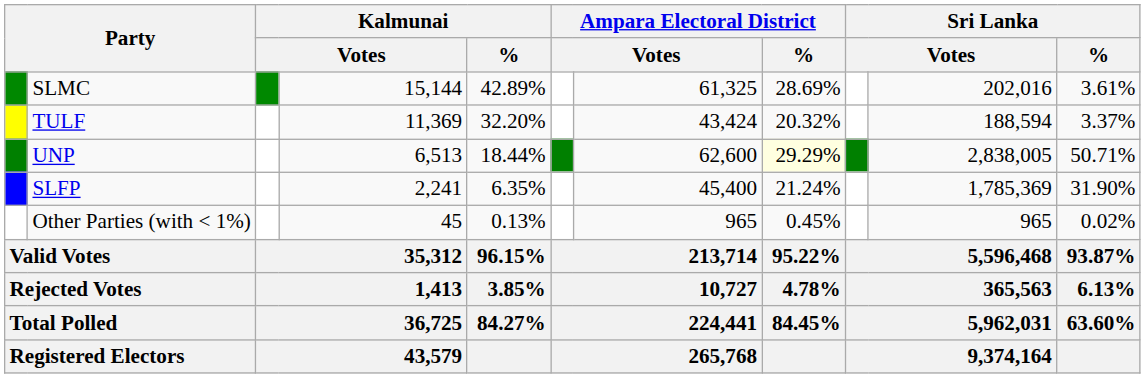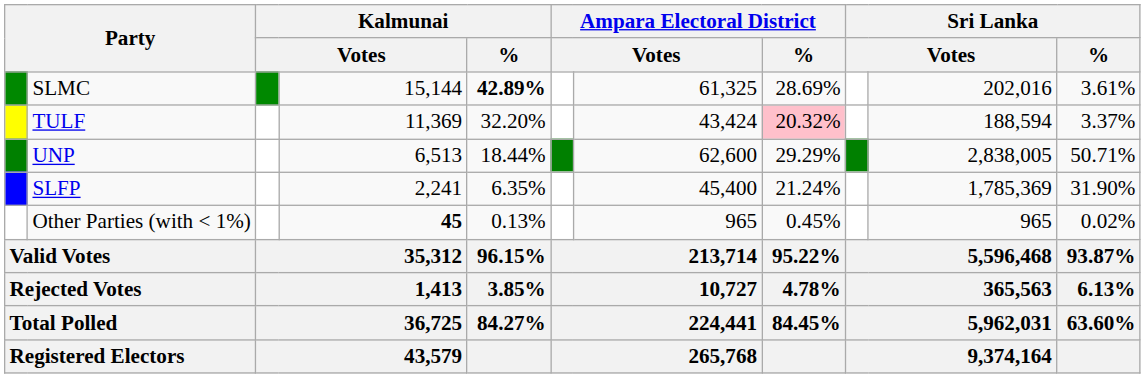 <table class="wikitable">
 <tr>
 <th colspan="2" width="144px"rowspan="2">Party</th>
 <th colspan="3" width="216px">Kalmunai</th>
 <th colspan="3" width="216px"><a href='#'>Ampara Electoral District</a></th>
 <th colspan="3" width="216px">Sri Lanka</th>
 </tr>
 <tr>
 <th colspan="2" width="144px">Votes</th>
 <th>%</th>
 <th colspan="2" width="144px">Votes</th>
 <th>%</th>
 <th colspan="2" width="144px">Votes</th>
 <th>%</th>
 </tr>
 <tr>
 <td style="background-color:#008800;" width="10px"></td>
 <td style="text-align:left;">SLMC</td>
 <td style="background-color:#008800;" width="10px"></td>
 <td style="text-align:right;">15,144</td>
-<td style="text-align:right;">42.89%</td>
+<td style="text-align:right;"><strong>42.89%</strong></td>
 <td style="background-color:white;" width="10px"></td>
 <td style="text-align:right;">61,325</td>
 <td style="text-align:right;">28.69%</td>
 <td style="background-color:white;" width="10px"></td>
 <td style="text-align:right;">202,016</td>
 <td style="text-align:right;">3.61%</td>
 </tr>
 <tr>
 <td style="background-color:yellow;" width="10px"></td>
 <td style="text-align:left;"><a href='#'>TULF</a></td>
 <td style="background-color:white;" width="10px"></td>
 <td style="text-align:right;">11,369</td>
 <td style="text-align:right;">32.20%</td>
 <td style="background-color:white;" width="10px"></td>
 <td style="text-align:right;">43,424</td>
-<td style="text-align:right;">20.32%</td>
+<td style="background: pink; text-align:right;">20.32%</td>
 <td style="background-color:white;" width="10px"></td>
 <td style="text-align:right;">188,594</td>
 <td style="text-align:right;">3.37%</td>
 </tr>
 <tr>
 <td style="background-color:green;" width="10px"></td>
 <td style="text-align:left;"><a href='#'>UNP</a></td>
 <td style="background-color:white;" width="10px"></td>
 <td style="text-align:right;">6,513</td>
 <td style="text-align:right;">18.44%</td>
 <td style="background-color:green;" width="10px"></td>
 <td style="text-align:right;">62,600</td>
-<td style="background: lightyellow; text-align:right;">29.29%</td>
+<td style="text-align:right;">29.29%</td>
 <td style="background-color:green;" width="10px"></td>
 <td style="text-align:right;">2,838,005</td>
 <td style="text-align:right;">50.71%</td>
 </tr>
 <tr>
 <td style="background-color:blue;" width="10px"></td>
 <td style="text-align:left;"><a href='#'>SLFP</a></td>
 <td style="background-color:white;" width="10px"></td>
 <td style="text-align:right;">2,241</td>
 <td style="text-align:right;">6.35%</td>
 <td style="background-color:white;" width="10px"></td>
 <td style="text-align:right;">45,400</td>
 <td style="text-align:right;">21.24%</td>
 <td style="background-color:white;" width="10px"></td>
 <td style="text-align:right;">1,785,369</td>
 <td style="text-align:right;">31.90%</td>
 </tr>
 <tr>
 <td style="background-color:white;" width="10px"></td>
 <td style="text-align:left;">Other Parties (with < 1%)</td>
 <td style="background-color:white;" width="10px"></td>
-<td style="text-align:right;">45</td>
+<td style="text-align:right;"><strong>45</strong></td>
 <td style="text-align:right;">0.13%</td>
 <td style="background-color:white;" width="10px"></td>
 <td style="text-align:right;">965</td>
 <td style="text-align:right;">0.45%</td>
 <td style="background-color:white;" width="10px"></td>
 <td style="text-align:right;">965</td>
 <td style="text-align:right;">0.02%</td>
 </tr>
 <tr>
 <th colspan="2" width="144px"style="text-align:left;">Valid Votes</th>
 <th style="text-align:right;"colspan="2" width="144px">35,312</th>
 <th style="text-align:right;">96.15%</th>
 <th style="text-align:right;"colspan="2" width="144px">213,714</th>
 <th style="text-align:right;">95.22%</th>
 <th style="text-align:right;"colspan="2" width="144px">5,596,468</th>
 <th style="text-align:right;">93.87%</th>
 </tr>
 <tr>
 <th colspan="2" width="144px"style="text-align:left;">Rejected Votes</th>
 <th style="text-align:right;"colspan="2" width="144px">1,413</th>
 <th style="text-align:right;">3.85%</th>
 <th style="text-align:right;"colspan="2" width="144px">10,727</th>
 <th style="text-align:right;">4.78%</th>
 <th style="text-align:right;"colspan="2" width="144px">365,563</th>
 <th style="text-align:right;">6.13%</th>
 </tr>
 <tr>
 <th colspan="2" width="144px"style="text-align:left;">Total Polled</th>
 <th style="text-align:right;"colspan="2" width="144px">36,725</th>
 <th style="text-align:right;">84.27%</th>
 <th style="text-align:right;"colspan="2" width="144px">224,441</th>
 <th style="text-align:right;">84.45%</th>
 <th style="text-align:right;"colspan="2" width="144px">5,962,031</th>
 <th style="text-align:right;">63.60%</th>
 </tr>
 <tr>
 <th colspan="2" width="144px"style="text-align:left;">Registered Electors</th>
 <th style="text-align:right;"colspan="2" width="144px">43,579</th>
 <th></th>
 <th style="text-align:right;"colspan="2" width="144px">265,768</th>
 <th></th>
 <th style="text-align:right;"colspan="2" width="144px">9,374,164</th>
 <th></th>
 </tr>
 </table>
